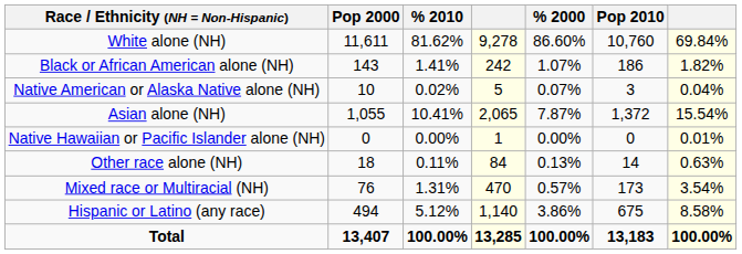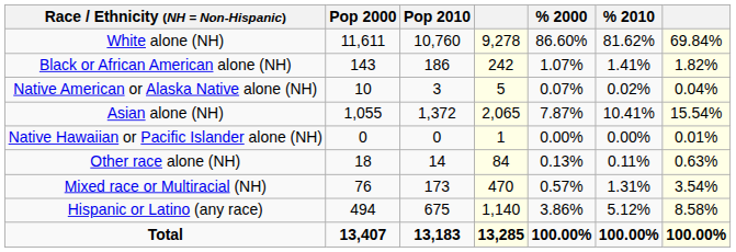 <table class="wikitable" style="text-align:center;">
 <tr>
 <th>Race / Ethnicity <small>(<em>NH = Non-Hispanic</em>)</small></th>
 <th>Pop 2000</th>
-<th>% 2010</th>
+<th>Pop 2010</th>
 <th></th>
 <th>% 2000</th>
-<th>Pop 2010</th>
+<th>% 2010</th>
 <th></th>
 </tr>
 <tr>
 <td><a href='#'>White</a> alone (NH)</td>
 <td>11,611</td>
-<td>81.62%</td>
+<td>10,760</td>
 <td style='background: #ffffe6;'>9,278</td>
 <td>86.60%</td>
-<td>10,760</td>
+<td>81.62%</td>
 <td style='background: #ffffe6;'>69.84%</td>
 </tr>
 <tr>
 <td><a href='#'>Black or African American</a> alone (NH)</td>
 <td>143</td>
-<td>1.41%</td>
+<td>186</td>
 <td style='background: #ffffe6;'>242</td>
 <td>1.07%</td>
-<td>186</td>
+<td>1.41%</td>
 <td style='background: #ffffe6;'>1.82%</td>
 </tr>
 <tr>
 <td><a href='#'>Native American</a> or <a href='#'>Alaska Native</a> alone (NH)</td>
 <td>10</td>
-<td>0.02%</td>
+<td>3</td>
 <td style='background: #ffffe6;'>5</td>
 <td>0.07%</td>
-<td>3</td>
+<td>0.02%</td>
 <td style='background: #ffffe6;'>0.04%</td>
 </tr>
 <tr>
 <td><a href='#'>Asian</a> alone (NH)</td>
 <td>1,055</td>
-<td>10.41%</td>
+<td>1,372</td>
 <td style='background: #ffffe6;'>2,065</td>
 <td>7.87%</td>
-<td>1,372</td>
+<td>10.41%</td>
 <td style='background: #ffffe6;'>15.54%</td>
 </tr>
 <tr>
 <td><a href='#'>Native Hawaiian</a> or <a href='#'>Pacific Islander</a> alone (NH)</td>
 <td>0</td>
-<td>0.00%</td>
+<td>0</td>
 <td style='background: #ffffe6;'>1</td>
 <td>0.00%</td>
-<td>0</td>
+<td>0.00%</td>
 <td style='background: #ffffe6;'>0.01%</td>
 </tr>
 <tr>
 <td><a href='#'>Other race</a> alone (NH)</td>
 <td>18</td>
-<td>0.11%</td>
+<td>14</td>
 <td style='background: #ffffe6;'>84</td>
 <td>0.13%</td>
-<td>14</td>
+<td>0.11%</td>
 <td style='background: #ffffe6;'>0.63%</td>
 </tr>
 <tr>
 <td><a href='#'>Mixed race or Multiracial</a> (NH)</td>
 <td>76</td>
-<td>1.31%</td>
+<td>173</td>
 <td style='background: #ffffe6;'>470</td>
 <td>0.57%</td>
-<td>173</td>
+<td>1.31%</td>
 <td style='background: #ffffe6;'>3.54%</td>
 </tr>
 <tr>
 <td><a href='#'>Hispanic or Latino</a> (any race)</td>
 <td>494</td>
-<td>5.12%</td>
+<td>675</td>
 <td style='background: #ffffe6;'>1,140</td>
 <td>3.86%</td>
-<td>675</td>
+<td>5.12%</td>
 <td style='background: #ffffe6;'>8.58%</td>
 </tr>
 <tr>
 <td><strong>Total</strong></td>
 <td><strong>13,407</strong></td>
-<td><strong>100.00%</strong></td>
+<td><strong>13,183</strong></td>
 <td style='background: #ffffe6;'><strong>13,285</strong></td>
 <td><strong>100.00%</strong></td>
-<td><strong>13,183</strong></td>
+<td><strong>100.00%</strong></td>
 <td style='background: #ffffe6;'><strong>100.00%</strong></td>
 </tr>
 </table>
